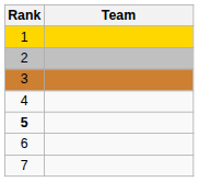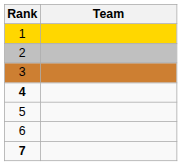 <table class="wikitable">
 <tr>
 <th>Rank</th>
 <th width=170>Team</th>
 </tr>
 <tr bgcolor=gold>
 <td align=center>1</td>
 <td></td>
 </tr>
 <tr bgcolor=silver>
 <td align=center>2</td>
 <td></td>
 </tr>
 <tr bgcolor=CD7F32>
 <td align=center>3</td>
 <td></td>
 </tr>
 <tr>
-<td align=center>4</td>
+<td align=center><strong>4</strong></td>
 <td></td>
 </tr>
 <tr>
-<td align=center><strong>5</strong></td>
+<td align=center>5</td>
 <td></td>
 </tr>
 <tr>
 <td align=center>6</td>
 <td></td>
 </tr>
 <tr>
-<td align=center>7</td>
+<td align=center><strong>7</strong></td>
 <td></td>
 </tr>
 </table>
